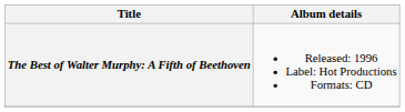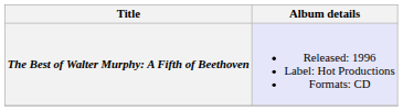 <table class="wikitable plainrowheaders" style="text-align:center;">
 <tr>
 <th>Title</th>
 <th>Album details</th>
 </tr>
 <tr>
 <th scope="row"><em>The Best of Walter Murphy: A Fifth of Beethoven</em></th>
-<td><br><ul><li>Released: 1996</li><li>Label: Hot Productions</li><li>Formats: CD</li></ul></td>
+<td style="background: lavender;"><br><ul><li>Released: 1996</li><li>Label: Hot Productions</li><li>Formats: CD</li></ul></td>
 </tr>
 <tr>
 </tr>
 </table>
